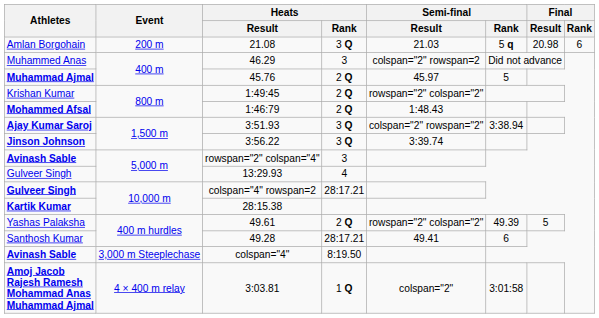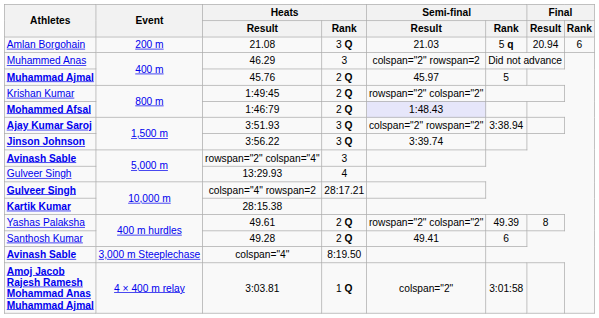 <table class="wikitable sortable collapsible" style="text-align:center; font-size:90%">
 <tr>
 <th rowspan=2>Athletes</th>
 <th rowspan=2>Event</th>
 <th colspan=2>Heats</th>
 <th colspan=2>Semi-final</th>
 <th colspan=2>Final</th>
 </tr>
 <tr>
 <th>Result</th>
 <th>Rank</th>
 <th>Result</th>
 <th>Rank</th>
 <th>Result</th>
 <th>Rank</th>
 </tr>
 <tr>
 <td style="text-align:left"><a href='#'>Amlan Borgohain</a></td>
 <td><a href='#'>200 m</a></td>
 <td>21.08</td>
 <td>3 <strong>Q</strong></td>
 <td>21.03</td>
 <td>5 <strong>q</strong></td>
-<td>20.98</td>
+<td>20.94</td>
 <td>6</td>
 </tr>
 <tr>
 <td style="text-align:left"><a href='#'>Muhammed Anas</a></td>
 <td rowspan="2"><a href='#'>400 m</a></td>
 <td>46.29</td>
 <td>3</td>
 <td>colspan="2" rowspan=2 </td>
 <td colspan="2">Did not advance</td>
 </tr>
 <tr>
 <td style="text-align:left"><strong><a href='#'>Muhammad Ajmal</a></strong></td>
 <td>45.76</td>
 <td>2 <strong>Q</strong></td>
 <td>45.97</td>
 <td>5</td>
 </tr>
 <tr>
 <td style="text-align:left"><a href='#'>Krishan Kumar</a></td>
 <td rowspan="2"><a href='#'>800 m</a></td>
 <td>1:49:45</td>
 <td>2 <strong>Q</strong></td>
 <td>rowspan="2" colspan="2"</td>
 <td colspan=2></td>
 </tr>
 <tr>
 <td style="text-align:left"><strong><a href='#'>Mohammed Afsal</a></strong></td>
 <td>1:46:79</td>
 <td>2 <strong>Q</strong></td>
-<td>1:48.43</td>
+<td style="background: lavender;">1:48.43</td>
 <td><strong></strong></td>
 </tr>
 <tr>
 <td style="text-align:left"><strong><a href='#'>Ajay Kumar Saroj</a></strong></td>
 <td rowspan="2"><a href='#'>1,500 m</a></td>
 <td>3:51.93</td>
 <td>3 <strong>Q</strong></td>
 <td>colspan="2" rowspan="2" </td>
 <td>3:38.94</td>
 <td><strong></strong></td>
 </tr>
 <tr>
 <td style="text-align:left"><strong><a href='#'>Jinson Johnson</a></strong></td>
 <td>3:56.22</td>
 <td>3 <strong>Q</strong></td>
 <td>3:39.74</td>
 <td><strong></strong></td>
 </tr>
 <tr>
 <td style="text-align:left"><strong><a href='#'>Avinash Sable</a></strong></td>
 <td rowspan="2"><a href='#'>5,000 m</a></td>
 <td>rowspan="2" colspan="4"</td>
 <td>3</td>
 <td><strong></strong></td>
 </tr>
 <tr>
 <td style="text-align:left"><a href='#'>Gulveer Singh</a></td>
 <td>13:29.93</td>
 <td>4</td>
 </tr>
 <tr>
 <td style="text-align:left"><strong><a href='#'>Gulveer Singh</a></strong></td>
 <td rowspan="2"><a href='#'>10,000 m</a></td>
 <td>colspan="4" rowspan=2 </td>
 <td>28:17.21 <strong></strong></td>
 <td><strong></strong></td>
 </tr>
 <tr>
 <td style="text-align:left"><strong><a href='#'>Kartik Kumar</a></strong></td>
 <td>28:15.38 <strong></strong></td>
 <td><strong></strong></td>
 </tr>
 <tr>
 <td style="text-align:left"><a href='#'>Yashas Palaksha</a></td>
 <td rowspan="2"><a href='#'>400 m hurdles</a></td>
 <td>49.61</td>
 <td>2 <strong>Q</strong></td>
 <td>rowspan="2" colspan="2"</td>
 <td>49.39</td>
-<td>5</td>
+<td>8</td>
 </tr>
 <tr>
 <td style="text-align:left"><a href='#'>Santhosh Kumar</a></td>
 <td>49.28</td>
-<td>28:17.21 <strong></strong></td>
+<td>2 <strong>Q</strong></td>
 <td>49.41</td>
 <td>6</td>
 </tr>
 <tr>
 <td style="text-align:left"><strong><a href='#'>Avinash Sable</a></strong></td>
 <td><a href='#'>3,000 m Steeplechase</a></td>
 <td>colspan="4" </td>
 <td>8:19.50 <strong></strong></td>
 <td><strong></strong></td>
 </tr>
 <tr>
 <td style="text-align:left"><strong><a href='#'>Amoj Jacob</a><br><a href='#'>Rajesh Ramesh</a><br><a href='#'>Mohammad Anas</a><br><a href='#'>Muhammad Ajmal</a></strong></td>
 <td><a href='#'>4 × 400 m relay</a></td>
 <td>3:03.81</td>
 <td>1 <strong>Q</strong></td>
 <td>colspan="2" </td>
 <td>3:01:58</td>
 <td><strong></strong></td>
 </tr>
 </table>
